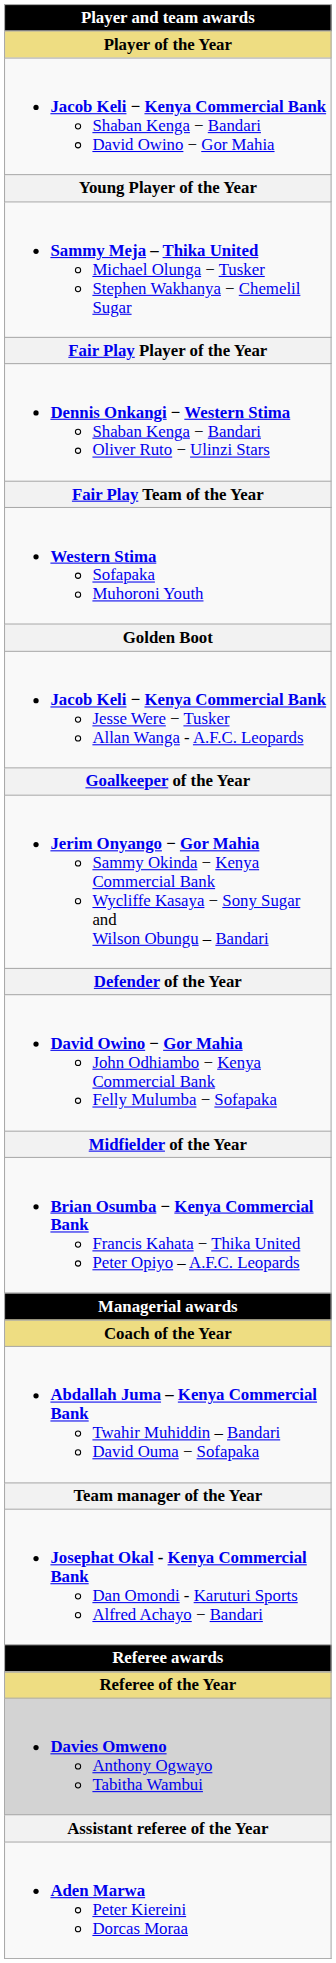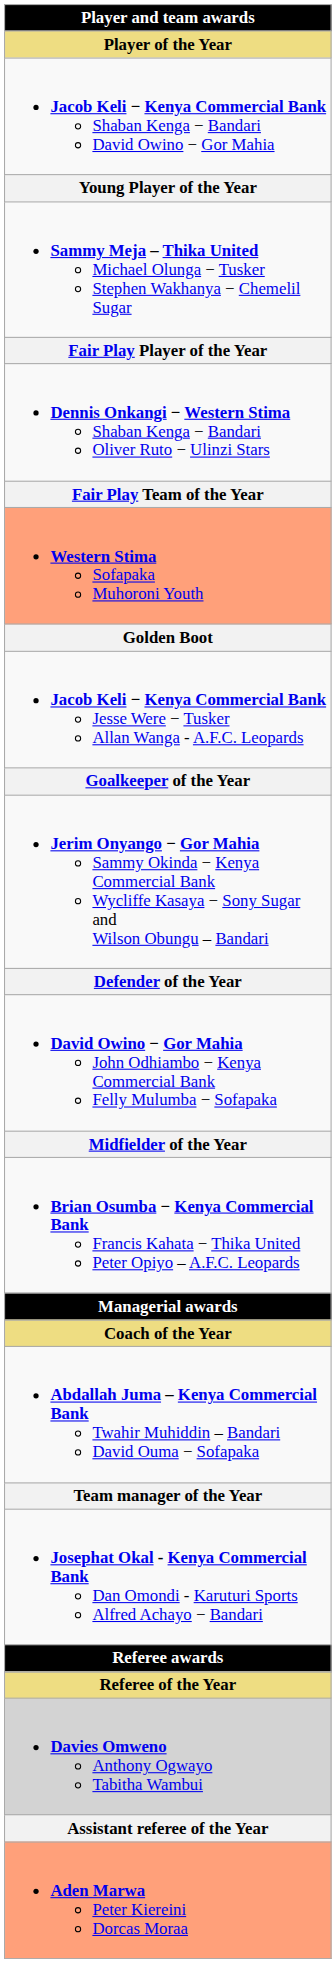 <table class="wikitable" width="50%">
 <tr>
 <th style="background:#000000; color: #FFFFFF">Player and team awards</th>
 </tr>
 <tr>
 <th style="background:#EEDD82;">Player of the Year</th>
 </tr>
 <tr>
 <td valign="top"><br><ul><li><strong> <a href='#'>Jacob Keli</a> − <a href='#'>Kenya Commercial Bank</a></strong><ul><li> <a href='#'>Shaban Kenga</a> − <a href='#'>Bandari</a></li><li> <a href='#'>David Owino</a> − <a href='#'>Gor Mahia</a></li></ul></li></ul></td>
 </tr>
 <tr>
 <th>Young Player of the Year</th>
 </tr>
 <tr>
 <td valign="top"><br><ul><li><strong> <a href='#'>Sammy Meja</a> – <a href='#'>Thika United</a></strong><ul><li> <a href='#'>Michael Olunga</a> − <a href='#'>Tusker</a></li><li> <a href='#'>Stephen Wakhanya</a> − <a href='#'>Chemelil Sugar</a></li></ul></li></ul></td>
 </tr>
 <tr>
 <th><a href='#'>Fair Play</a> Player of the Year</th>
 </tr>
 <tr>
 <td valign="top"><br><ul><li><strong> <a href='#'>Dennis Onkangi</a> − <a href='#'>Western Stima</a></strong><ul><li> <a href='#'>Shaban Kenga</a> − <a href='#'>Bandari</a></li><li> <a href='#'>Oliver Ruto</a> − <a href='#'>Ulinzi Stars</a></li></ul></li></ul></td>
 </tr>
 <tr>
 <th><a href='#'>Fair Play</a> Team of the Year</th>
 </tr>
 <tr>
-<td valign="top"><br><ul><li><strong><a href='#'>Western Stima</a></strong><ul><li><a href='#'>Sofapaka</a></li><li><a href='#'>Muhoroni Youth</a></li></ul></li></ul></td>
+<td valign="top" style="background: lightsalmon;"><br><ul><li><strong><a href='#'>Western Stima</a></strong><ul><li><a href='#'>Sofapaka</a></li><li><a href='#'>Muhoroni Youth</a></li></ul></li></ul></td>
 </tr>
 <tr>
 <th>Golden Boot</th>
 </tr>
 <tr>
 <td valign="top"><br><ul><li><strong> <a href='#'>Jacob Keli</a> − <a href='#'>Kenya Commercial Bank</a></strong><ul><li> <a href='#'>Jesse Were</a> − <a href='#'>Tusker</a></li><li> <a href='#'>Allan Wanga</a> - <a href='#'>A.F.C. Leopards</a></li></ul></li></ul></td>
 </tr>
 <tr>
 <th><a href='#'>Goalkeeper</a> of the Year</th>
 </tr>
 <tr>
 <td valign="top"><br><ul><li><strong> <a href='#'>Jerim Onyango</a> − <a href='#'>Gor Mahia</a></strong><ul><li> <a href='#'>Sammy Okinda</a> − <a href='#'>Kenya Commercial Bank</a></li><li> <a href='#'>Wycliffe Kasaya</a> − <a href='#'>Sony Sugar</a> and<br> <a href='#'>Wilson Obungu</a> – <a href='#'>Bandari</a></li></ul></li></ul></td>
 </tr>
 <tr>
 <th><a href='#'>Defender</a> of the Year</th>
 </tr>
 <tr>
 <td valign="top"><br><ul><li><strong> <a href='#'>David Owino</a> − <a href='#'>Gor Mahia</a></strong><ul><li> <a href='#'>John Odhiambo</a> − <a href='#'>Kenya Commercial Bank</a></li><li> <a href='#'>Felly Mulumba</a> − <a href='#'>Sofapaka</a></li></ul></li></ul></td>
 </tr>
 <tr>
 <th><a href='#'>Midfielder</a> of the Year</th>
 </tr>
 <tr>
 <td valign="top"><br><ul><li><strong> <a href='#'>Brian Osumba</a> − <a href='#'>Kenya Commercial Bank</a></strong><ul><li> <a href='#'>Francis Kahata</a> − <a href='#'>Thika United</a></li><li> <a href='#'>Peter Opiyo</a> – <a href='#'>A.F.C. Leopards</a></li></ul></li></ul></td>
 </tr>
 <tr>
 <th style="background:#000000; color: #FFFFFF">Managerial awards</th>
 </tr>
 <tr>
 <th style="background:#EEDD82;">Coach of the Year</th>
 </tr>
 <tr>
 <td valign="top"><br><ul><li><strong> <a href='#'>Abdallah Juma</a> – <a href='#'>Kenya Commercial Bank</a></strong><ul><li> <a href='#'>Twahir Muhiddin</a> – <a href='#'>Bandari</a></li><li> <a href='#'>David Ouma</a> − <a href='#'>Sofapaka</a></li></ul></li></ul></td>
 </tr>
 <tr>
 <th>Team manager of the Year</th>
 </tr>
 <tr>
 <td valign="top"><br><ul><li><strong> <a href='#'>Josephat Okal</a> - <a href='#'>Kenya Commercial Bank</a></strong><ul><li> <a href='#'>Dan Omondi</a> - <a href='#'>Karuturi Sports</a></li><li> <a href='#'>Alfred Achayo</a> − <a href='#'>Bandari</a></li></ul></li></ul></td>
 </tr>
 <tr>
 <th style="background:#000000; color: #FFFFFF">Referee awards</th>
 </tr>
 <tr>
 </tr>
 <tr>
 <th style="background:#EEDD82;">Referee of the Year</th>
 </tr>
 <tr>
 <td valign="top" style="background: lightgrey;"><br><ul><li><strong><a href='#'>Davies Omweno</a></strong><ul><li><a href='#'>Anthony Ogwayo</a></li><li><a href='#'>Tabitha Wambui</a></li></ul></li></ul></td>
 </tr>
 <tr>
 <th>Assistant referee of the Year</th>
 </tr>
 <tr>
-<td valign="top"><br><ul><li><strong><a href='#'>Aden Marwa</a></strong><ul><li><a href='#'>Peter Kiereini</a></li><li><a href='#'>Dorcas Moraa</a></li></ul></li></ul></td>
+<td valign="top" style="background: lightsalmon;"><br><ul><li><strong><a href='#'>Aden Marwa</a></strong><ul><li><a href='#'>Peter Kiereini</a></li><li><a href='#'>Dorcas Moraa</a></li></ul></li></ul></td>
 </tr>
 </table>
